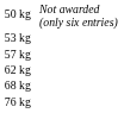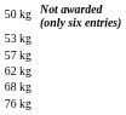 <table>
 <tr>
 <td rowspan=2>50 kg<br></td>
 <td rowspan=2></td>
 <td rowspan=2></td>
 <td></td>
 </tr>
 <tr>
-<td><em>Not awarded<br>(only six entries)</em></td>
+<td><strong><em>Not awarded<br>(only six entries)</em></strong></td>
 </tr>
 <tr>
 <td rowspan=2>53 kg<br></td>
 <td rowspan=2></td>
 <td rowspan=2></td>
 <td></td>
 </tr>
 <tr>
 <td></td>
 </tr>
 <tr>
 <td rowspan=2>57 kg<br></td>
 <td rowspan=2></td>
 <td rowspan=2></td>
 <td></td>
 </tr>
 <tr>
 <td></td>
 </tr>
 <tr>
 <td rowspan=2>62 kg<br></td>
 <td rowspan=2></td>
 <td rowspan=2></td>
 <td></td>
 </tr>
 <tr>
 <td></td>
 </tr>
 <tr>
 <td rowspan=2>68 kg<br></td>
 <td rowspan=2></td>
 <td rowspan=2></td>
 <td></td>
 </tr>
 <tr>
 <td></td>
 </tr>
 <tr>
 <td rowspan=2>76 kg<br></td>
 <td rowspan=2></td>
 <td rowspan=2></td>
 <td></td>
 </tr>
 <tr>
 <td></td>
 </tr>
 </table>
